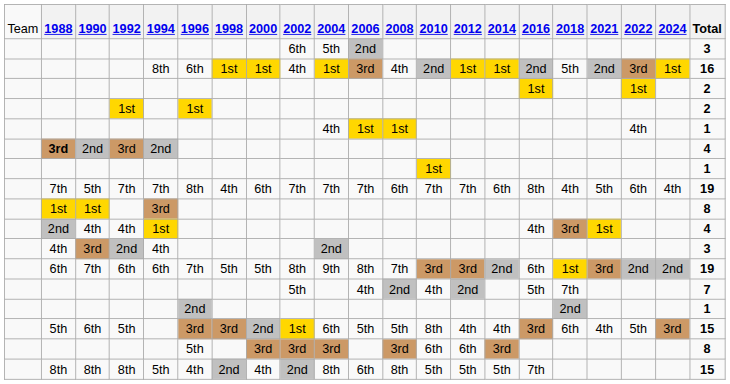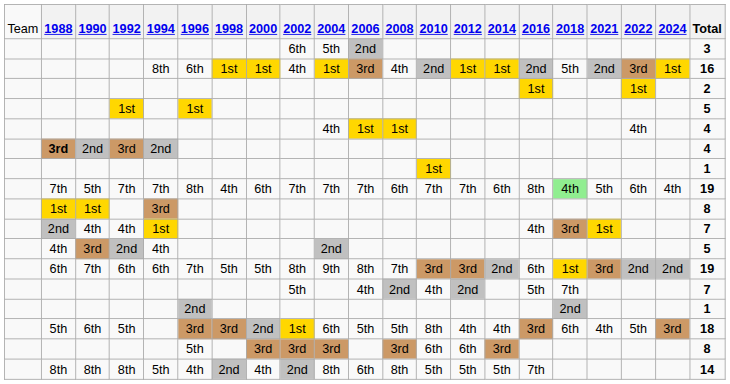 <table class="wikitable" style="text-align:center; font-size:90%">
 <tr valign=bottom>
 <td>Team</td>
 <th><br><a href='#'>1988</a></th>
 <th><br><a href='#'>1990</a></th>
 <th><br><a href='#'>1992</a></th>
 <th><br><a href='#'>1994</a></th>
 <th><br><a href='#'>1996</a></th>
 <th><br><a href='#'>1998</a></th>
 <th><br><a href='#'>2000</a></th>
 <th><br><a href='#'>2002</a></th>
 <th><br><a href='#'>2004</a></th>
 <th><br><a href='#'>2006</a></th>
 <th><br><a href='#'>2008</a></th>
 <th><br><a href='#'>2010</a></th>
 <th><br><a href='#'>2012</a></th>
 <th><br><a href='#'>2014</a></th>
 <th><br><a href='#'>2016</a></th>
 <th><br><a href='#'>2018</a></th>
 <th><br><a href='#'>2021</a></th>
 <th><br><a href='#'>2022</a></th>
 <th><br><a href='#'>2024</a></th>
 <th>Total</th>
 </tr>
 <tr>
 <td align=left></td>
 <td></td>
 <td></td>
 <td></td>
 <td></td>
 <td></td>
 <td></td>
 <td></td>
 <td>6th</td>
 <td>5th</td>
 <td bgcolor=silver>2nd</td>
 <td></td>
 <td></td>
 <td></td>
 <td></td>
 <td></td>
 <td></td>
 <td></td>
 <td></td>
 <td></td>
 <td><strong>3</strong></td>
 </tr>
 <tr>
 <td align=left></td>
 <td></td>
 <td></td>
 <td></td>
 <td>8th</td>
 <td>6th</td>
 <td bgcolor=gold>1st</td>
 <td bgcolor=gold>1st</td>
 <td>4th</td>
 <td bgcolor=gold>1st</td>
 <td bgcolor=#cc9966>3rd</td>
 <td>4th</td>
 <td bgcolor=silver>2nd</td>
 <td bgcolor=gold>1st</td>
 <td bgcolor=gold>1st</td>
 <td bgcolor=silver>2nd</td>
 <td>5th</td>
 <td bgcolor=silver>2nd</td>
 <td bgcolor=#cc9966>3rd</td>
 <td bgcolor=gold>1st</td>
 <td><strong>16</strong></td>
 </tr>
 <tr>
 <td align=left></td>
 <td></td>
 <td></td>
 <td></td>
 <td></td>
 <td></td>
 <td></td>
 <td></td>
 <td></td>
 <td></td>
 <td></td>
 <td></td>
 <td></td>
 <td></td>
 <td></td>
 <td bgcolor=gold>1st</td>
 <td></td>
 <td></td>
 <td bgcolor=gold>1st</td>
 <td></td>
 <td><strong>2</strong></td>
 </tr>
 <tr>
 <td align=left></td>
 <td></td>
 <td></td>
 <td bgcolor=gold>1st</td>
 <td></td>
 <td bgcolor=gold>1st</td>
 <td></td>
 <td></td>
 <td></td>
 <td></td>
 <td></td>
 <td></td>
 <td></td>
 <td></td>
 <td></td>
 <td></td>
 <td></td>
 <td></td>
 <td></td>
 <td></td>
-<td><strong>2</strong></td>
+<td><strong>5</strong></td>
 </tr>
 <tr>
 <td align=left></td>
 <td></td>
 <td></td>
 <td></td>
 <td></td>
 <td></td>
 <td></td>
 <td></td>
 <td></td>
 <td>4th</td>
 <td bgcolor=gold>1st</td>
 <td bgcolor=gold>1st</td>
 <td></td>
 <td></td>
 <td></td>
 <td></td>
 <td></td>
 <td></td>
 <td>4th</td>
 <td></td>
-<td><strong>1</strong></td>
+<td><strong>4</strong></td>
 </tr>
 <tr>
 <td align=left></td>
 <td bgcolor=#cc9966><strong>3rd</strong></td>
 <td bgcolor=silver>2nd</td>
 <td bgcolor=#cc9966>3rd</td>
 <td bgcolor=silver>2nd</td>
 <td></td>
 <td></td>
 <td></td>
 <td></td>
 <td></td>
 <td></td>
 <td></td>
 <td></td>
 <td></td>
 <td></td>
 <td></td>
 <td></td>
 <td></td>
 <td></td>
 <td></td>
 <td><strong>4</strong></td>
 </tr>
 <tr>
 <td align=left></td>
 <td></td>
 <td></td>
 <td></td>
 <td></td>
 <td></td>
 <td></td>
 <td></td>
 <td></td>
 <td></td>
 <td></td>
 <td></td>
 <td bgcolor=gold>1st</td>
 <td></td>
 <td></td>
 <td></td>
 <td></td>
 <td></td>
 <td></td>
 <td></td>
 <td><strong>1</strong></td>
 </tr>
 <tr>
 <td align=left></td>
 <td>7th</td>
 <td>5th</td>
 <td>7th</td>
 <td>7th</td>
 <td>8th</td>
 <td>4th</td>
 <td>6th</td>
 <td>7th</td>
 <td>7th</td>
 <td>7th</td>
 <td>6th</td>
 <td>7th</td>
 <td>7th</td>
 <td>6th</td>
 <td>8th</td>
-<td>4th</td>
+<td style="background: lightgreen;">4th</td>
 <td>5th</td>
 <td>6th</td>
 <td>4th</td>
 <td><strong>19</strong></td>
 </tr>
 <tr>
 <td align=left></td>
 <td bgcolor=gold>1st</td>
 <td bgcolor=gold>1st</td>
 <td></td>
 <td bgcolor=#cc9966>3rd</td>
 <td></td>
 <td></td>
 <td></td>
 <td></td>
 <td></td>
 <td></td>
 <td></td>
 <td></td>
 <td></td>
 <td></td>
 <td></td>
 <td></td>
 <td></td>
 <td></td>
 <td></td>
 <td><strong>8</strong></td>
 </tr>
 <tr>
 <td align=left></td>
 <td bgcolor=silver>2nd</td>
 <td>4th</td>
 <td>4th</td>
 <td bgcolor=gold>1st</td>
 <td></td>
 <td></td>
 <td></td>
 <td></td>
 <td></td>
 <td></td>
 <td></td>
 <td></td>
 <td></td>
 <td></td>
 <td>4th</td>
 <td bgcolor=#cc9966>3rd</td>
 <td bgcolor=gold>1st</td>
 <td></td>
 <td></td>
-<td><strong>4</strong></td>
+<td><strong>7</strong></td>
 </tr>
 <tr>
 <td align=left></td>
 <td>4th</td>
 <td bgcolor=#cc9966>3rd</td>
 <td bgcolor=silver>2nd</td>
 <td>4th</td>
 <td></td>
 <td></td>
 <td></td>
 <td></td>
 <td bgcolor=silver>2nd</td>
 <td></td>
 <td></td>
 <td></td>
 <td></td>
 <td></td>
 <td></td>
 <td></td>
 <td></td>
 <td></td>
 <td></td>
-<td><strong>3</strong></td>
+<td><strong>5</strong></td>
 </tr>
 <tr>
 <td align=left></td>
 <td>6th</td>
 <td>7th</td>
 <td>6th</td>
 <td>6th</td>
 <td>7th</td>
 <td>5th</td>
 <td>5th</td>
 <td>8th</td>
 <td>9th</td>
 <td>8th</td>
 <td>7th</td>
 <td bgcolor=#cc9966>3rd</td>
 <td bgcolor=#cc9966>3rd</td>
 <td bgcolor=silver>2nd</td>
 <td>6th</td>
 <td bgcolor=gold>1st</td>
 <td bgcolor=#cc9966>3rd</td>
 <td bgcolor=silver>2nd</td>
 <td bgcolor=silver>2nd</td>
 <td><strong>19</strong></td>
 </tr>
 <tr>
 <td align=left></td>
 <td></td>
 <td></td>
 <td></td>
 <td></td>
 <td></td>
 <td></td>
 <td></td>
 <td>5th</td>
 <td></td>
 <td>4th</td>
 <td bgcolor=silver>2nd</td>
 <td>4th</td>
 <td bgcolor=silver>2nd</td>
 <td></td>
 <td>5th</td>
 <td>7th</td>
 <td></td>
 <td></td>
 <td></td>
 <td><strong>7</strong></td>
 </tr>
 <tr>
 <td align=left></td>
 <td></td>
 <td></td>
 <td></td>
 <td></td>
 <td bgcolor=silver>2nd</td>
 <td></td>
 <td></td>
 <td></td>
 <td></td>
 <td></td>
 <td></td>
 <td></td>
 <td></td>
 <td></td>
 <td></td>
 <td bgcolor=silver>2nd</td>
 <td></td>
 <td></td>
 <td></td>
 <td><strong>1</strong></td>
 </tr>
 <tr>
 <td align=left></td>
 <td>5th</td>
 <td>6th</td>
 <td>5th</td>
 <td></td>
 <td bgcolor=#cc9966>3rd</td>
 <td bgcolor=#cc9966>3rd</td>
 <td bgcolor=silver>2nd</td>
 <td bgcolor=gold>1st</td>
 <td>6th</td>
 <td>5th</td>
 <td>5th</td>
 <td>8th</td>
 <td>4th</td>
 <td>4th</td>
 <td bgcolor=#cc9966>3rd</td>
 <td>6th</td>
 <td>4th</td>
 <td>5th</td>
 <td bgcolor=#cc9966>3rd</td>
-<td><strong>15</strong></td>
+<td><strong>18</strong></td>
 </tr>
 <tr>
 <td align=left></td>
 <td></td>
 <td></td>
 <td></td>
 <td></td>
 <td>5th</td>
 <td></td>
 <td bgcolor=#cc9966>3rd</td>
 <td bgcolor=#cc9966>3rd</td>
 <td bgcolor=#cc9966>3rd</td>
 <td></td>
 <td bgcolor=#cc9966>3rd</td>
 <td>6th</td>
 <td>6th</td>
 <td bgcolor=#cc9966>3rd</td>
 <td></td>
 <td></td>
 <td></td>
 <td></td>
 <td></td>
 <td><strong>8</strong></td>
 </tr>
 <tr>
 <td align=left></td>
 <td>8th</td>
 <td>8th</td>
 <td>8th</td>
 <td>5th</td>
 <td>4th</td>
 <td bgcolor=silver>2nd</td>
 <td>4th</td>
 <td bgcolor=silver>2nd</td>
 <td>8th</td>
 <td>6th</td>
 <td>8th</td>
 <td>5th</td>
 <td>5th</td>
 <td>5th</td>
 <td>7th</td>
 <td></td>
 <td></td>
 <td></td>
 <td></td>
-<td><strong>15</strong></td>
+<td><strong>14</strong></td>
 </tr>
 </table>
